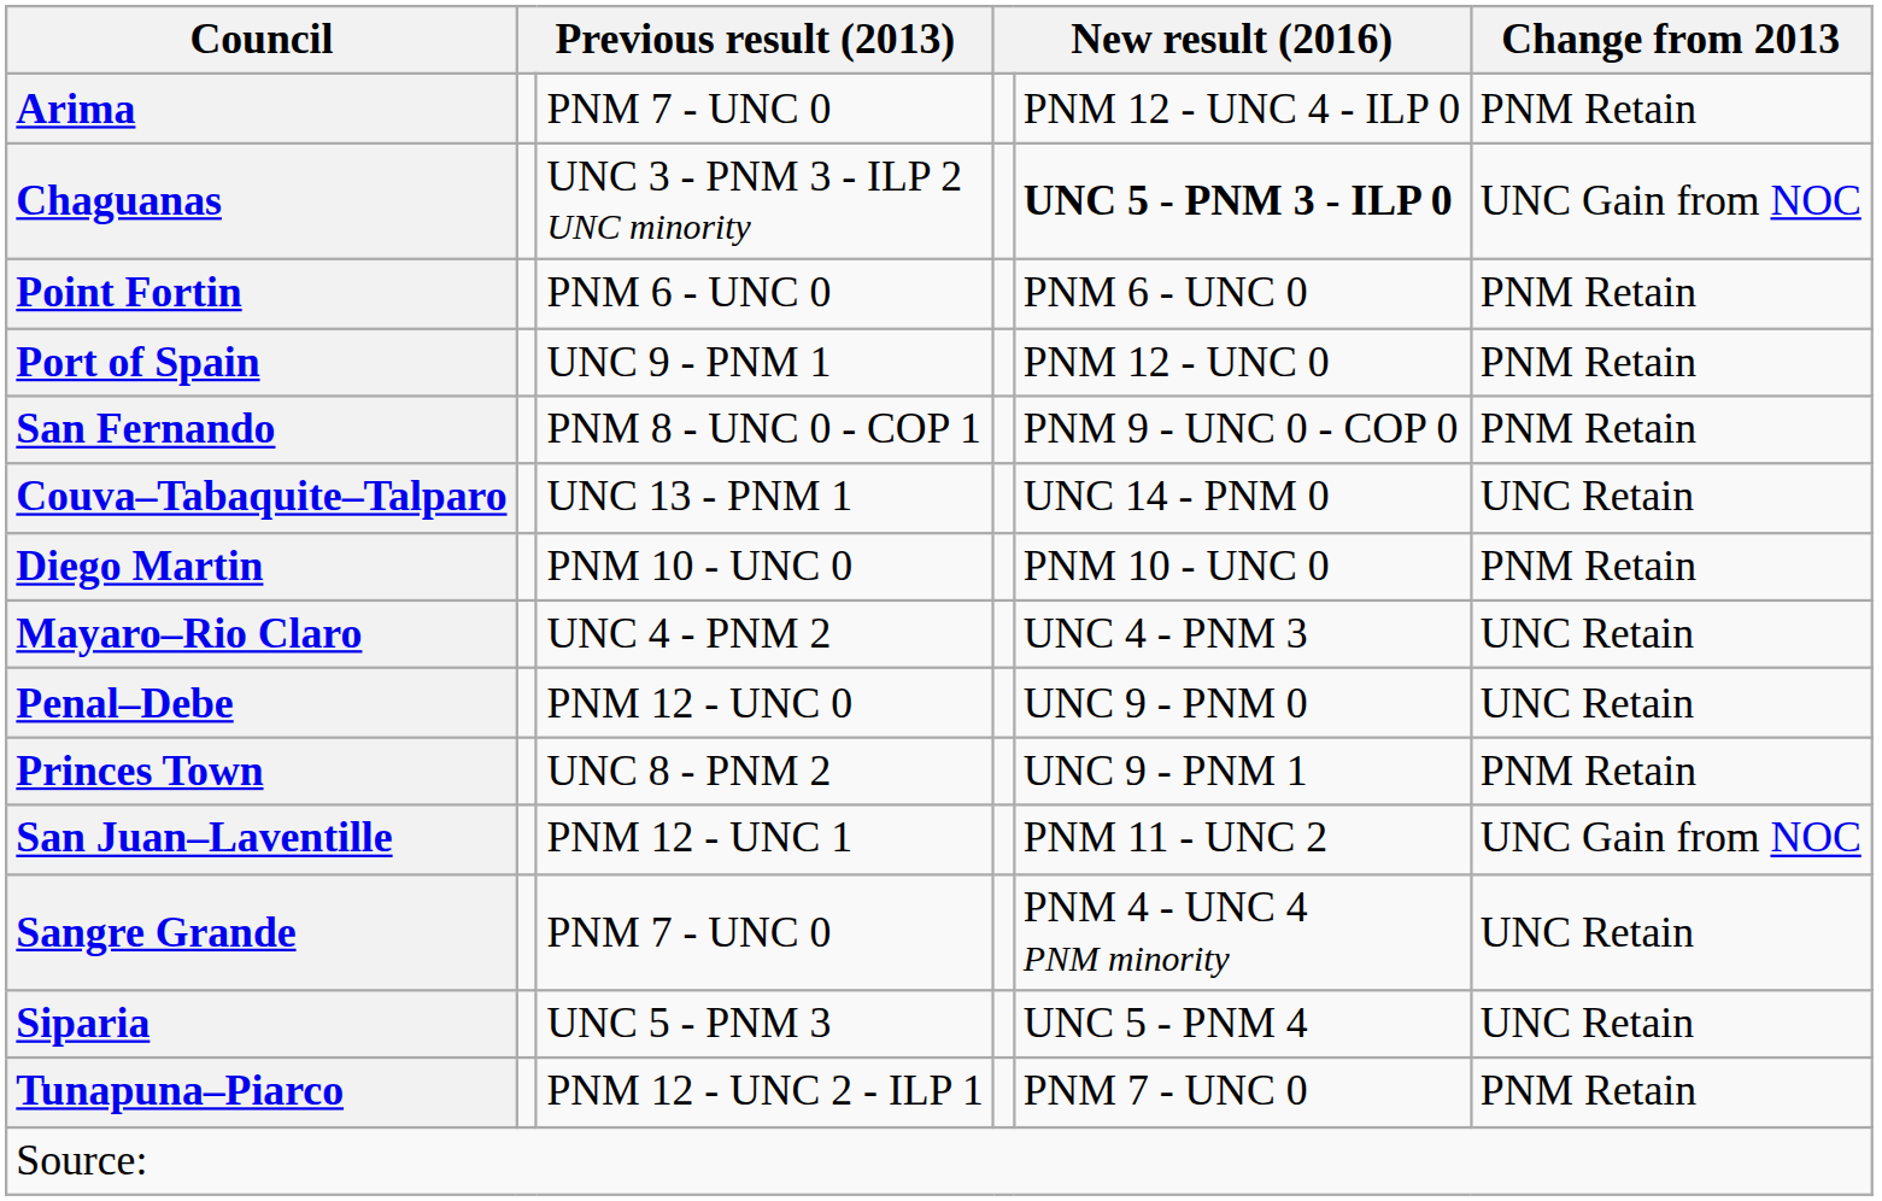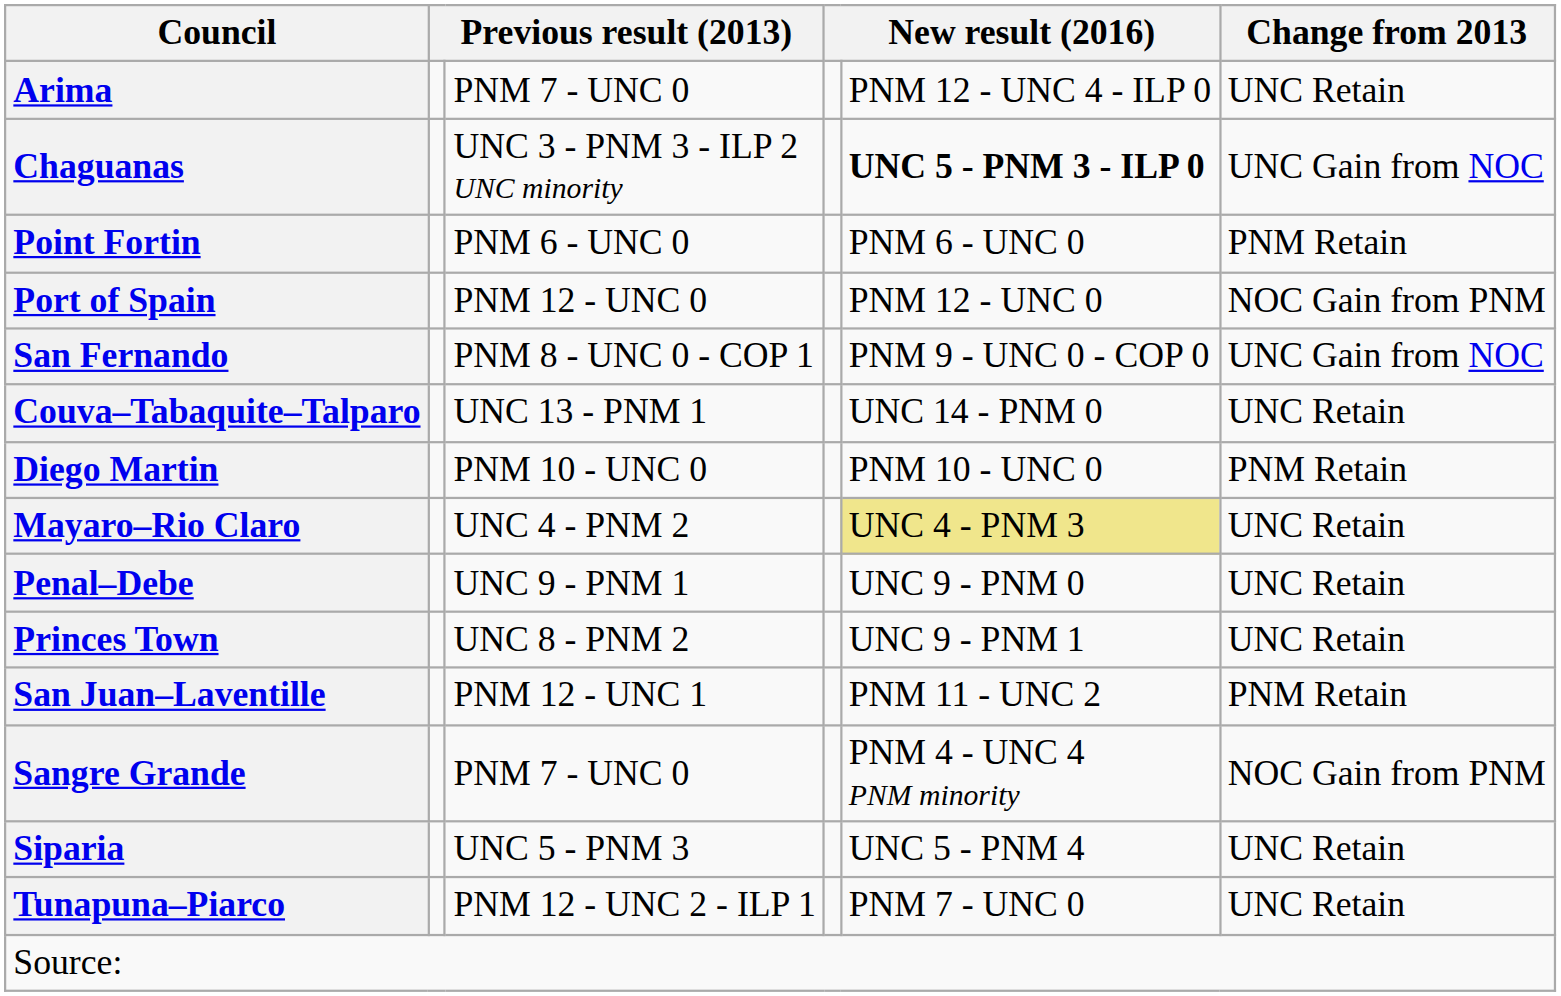 <table class="wikitable sortable" style="valign:top">
 <tr>
 <th scope="col">Council</th>
 <th colspan=2>Previous result (2013)</th>
 <th colspan=2>New result (2016)</th>
 <th colspan=2>Change from 2013</th>
 </tr>
 <tr>
 <th scope="row" style="text-align: left;"><a href='#'>Arima</a></th>
 <td style="background: "></td>
 <td>PNM 7 - UNC 0</td>
 <td style="background: "></td>
 <td>PNM 12 - UNC 4 - ILP 0</td>
-<td>PNM Retain</td>
+<td>UNC Retain</td>
 </tr>
 <tr>
 <th scope="row" style="text-align: left;"><a href='#'>Chaguanas</a></th>
 <td style="background: "></td>
 <td>UNC 3 - PNM 3 - ILP 2<br><small><em>UNC minority</em></small></td>
 <td style="background: "></td>
 <td><strong>UNC 5 - PNM 3 - ILP 0</strong></td>
 <td>UNC Gain from <a href='#'>NOC</a></td>
 </tr>
 <tr>
 <th scope="row" style="text-align: left;"><a href='#'>Point Fortin</a></th>
 <td style="background: "></td>
 <td>PNM 6 - UNC 0</td>
 <td style="background: "></td>
 <td>PNM 6 - UNC 0</td>
 <td>PNM Retain</td>
 </tr>
 <tr>
 <th scope="row" style="text-align: left;"><a href='#'>Port of Spain</a></th>
 <td style="background: "></td>
-<td>UNC 9 - PNM 1</td>
+<td>PNM 12 - UNC 0</td>
 <td style="background: "></td>
 <td>PNM 12 - UNC 0</td>
-<td>PNM Retain</td>
+<td>NOC Gain from PNM</td>
 </tr>
 <tr>
 <th scope="row" style="text-align: left;"><a href='#'>San Fernando</a></th>
 <td style="background: "></td>
 <td>PNM 8 - UNC 0 - COP 1</td>
 <td style="background: "></td>
 <td>PNM 9 - UNC 0 - COP 0</td>
-<td>PNM Retain</td>
+<td>UNC Gain from <a href='#'>NOC</a></td>
 </tr>
 <tr>
 <th scope="row" style="text-align: left;"><a href='#'>Couva–Tabaquite–Talparo</a></th>
 <td style="background: "></td>
 <td>UNC 13 - PNM 1</td>
 <td style="background: "></td>
 <td>UNC 14 - PNM 0</td>
 <td>UNC Retain</td>
 </tr>
 <tr>
 <th scope="row" style="text-align: left;"><a href='#'>Diego Martin</a></th>
 <td style="background: "></td>
 <td>PNM 10 - UNC 0</td>
 <td style="background: "></td>
 <td>PNM 10 - UNC 0</td>
 <td>PNM Retain</td>
 </tr>
 <tr>
 <th scope="row" style="text-align: left;"><a href='#'>Mayaro–Rio Claro</a></th>
 <td style="background: "></td>
 <td>UNC 4 - PNM 2</td>
 <td style="background: "></td>
-<td>UNC 4 - PNM 3</td>
+<td style="background: khaki;">UNC 4 - PNM 3</td>
 <td>UNC Retain</td>
 </tr>
 <tr>
 <th scope="row" style="text-align: left;"><a href='#'>Penal–Debe</a></th>
 <td style="background: "></td>
-<td>PNM 12 - UNC 0</td>
+<td>UNC 9 - PNM 1</td>
 <td style="background: "></td>
 <td>UNC 9 - PNM 0</td>
 <td>UNC Retain</td>
 </tr>
 <tr>
 <th scope="row" style="text-align: left;"><a href='#'>Princes Town</a></th>
 <td style="background: "></td>
 <td>UNC 8 - PNM 2</td>
 <td style="background: "></td>
 <td>UNC 9 - PNM 1</td>
-<td>PNM Retain</td>
+<td>UNC Retain</td>
 </tr>
 <tr>
 <th scope="row" style="text-align: left;"><a href='#'>San Juan–Laventille</a></th>
 <td style="background: "></td>
 <td>PNM 12 - UNC 1</td>
 <td style="background: "></td>
 <td>PNM 11 - UNC 2</td>
-<td>UNC Gain from <a href='#'>NOC</a></td>
+<td>PNM Retain</td>
 </tr>
 <tr>
 <th scope="row" style="text-align: left;"><a href='#'>Sangre Grande</a></th>
 <td style="background: "></td>
 <td>PNM 7 - UNC 0</td>
 <td style="background: "></td>
 <td>PNM 4 - UNC 4<br><small><em>PNM minority</em></small></td>
-<td>UNC Retain</td>
+<td>NOC Gain from PNM</td>
 </tr>
 <tr>
 <th scope="row" style="text-align: left;"><a href='#'>Siparia</a></th>
 <td style="background: "></td>
 <td>UNC 5 - PNM 3</td>
 <td style="background: "></td>
 <td>UNC 5 - PNM 4</td>
 <td>UNC Retain</td>
 </tr>
 <tr>
 <th scope="row" style="text-align: left;"><a href='#'>Tunapuna–Piarco</a></th>
 <td style="background: "></td>
 <td>PNM 12 - UNC 2 - ILP 1</td>
 <td style="background: "></td>
 <td>PNM 7 - UNC 0</td>
-<td>PNM Retain</td>
+<td>UNC Retain</td>
 </tr>
 <tr>
 <td align=left colspan=7>Source: </td>
 </tr>
 </table>
